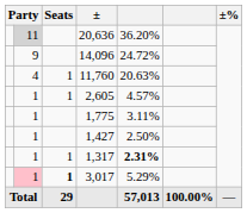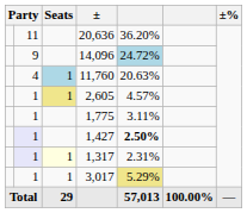 <table class=wikitable>
 <tr>
 <th colspan="2" align="center">Party</th>
 <th>Seats</th>
 <th>±</th>
 <th></th>
 <th></th>
 <th>±%</th>
 </tr>
 <tr>
 <td></td>
-<td align=right style="background: lightgrey;">11</td>
+<td align=right>11</td>
 <td align=right></td>
 <td align=right>20,636</td>
 <td align=right>36.20%</td>
 <td align=right></td>
 </tr>
 <tr>
 <td></td>
 <td align=right>9</td>
 <td align=right></td>
 <td align=right>14,096</td>
-<td align=right>24.72%</td>
+<td align=right style="background: lightblue;">24.72%</td>
 <td align=right></td>
 </tr>
 <tr>
 <td></td>
 <td align=right>4</td>
-<td align=right>1</td>
+<td align=right style="background: lightblue;">1</td>
 <td align=right>11,760</td>
 <td align=right>20.63%</td>
 <td align=right></td>
 </tr>
 <tr>
 <td></td>
 <td align=right>1</td>
-<td align=right>1</td>
+<td align=right style="background: khaki;">1</td>
 <td align=right>2,605</td>
 <td align=right>4.57%</td>
 <td align=right></td>
 </tr>
 <tr>
 <td></td>
 <td align=right>1</td>
 <td align=right></td>
 <td align=right>1,775</td>
 <td align=right>3.11%</td>
 <td align=right></td>
 </tr>
 <tr>
 <td></td>
-<td align=right>1</td>
+<td align=right style="background: lavender;">1</td>
 <td align=right></td>
 <td align=right>1,427</td>
-<td align=right>2.50%</td>
+<td align=right><strong>2.50%</strong></td>
+<td align=right></td>
+</tr>
+<tr>
+<td></td>
+<td align=right style="background: lavender;">1</td>
+<td align=right style="background: lightyellow;">1</td>
+<td align=right>1,317</td>
+<td align=right>2.31%</td>
 <td align=right></td>
 </tr>
 <tr>
 <td></td>
 <td align=right>1</td>
 <td align=right>1</td>
-<td align=right>1,317</td>
-<td align=right><strong>2.31%</strong></td>
-<td align=right></td>
-</tr>
-<tr>
-<td></td>
-<td align=right style="background: pink;">1</td>
-<td align=right><strong>1</strong></td>
 <td align=right>3,017</td>
-<td align=right>5.29%</td>
+<td align=right style="background: khaki;">5.29%</td>
 <td align=right></td>
 </tr>
 <tr style="font-weight:bold; background:rgb(232,232,232);">
 <td colspan=2 align=center>Total</td>
 <td align=right>29</td>
 <td align=center></td>
 <td align=right>57,013</td>
 <td align=center>100.00%</td>
 <td align=center>—</td>
 </tr>
 </table>
